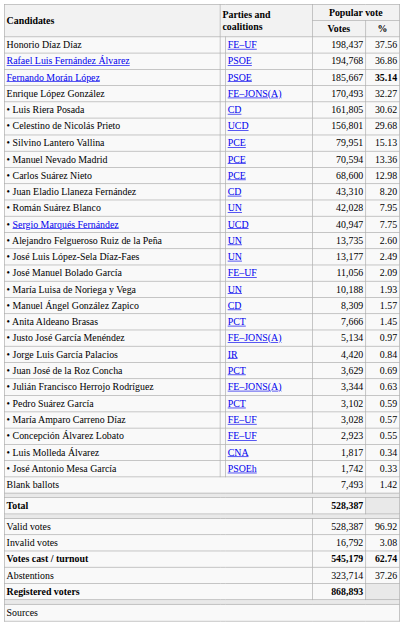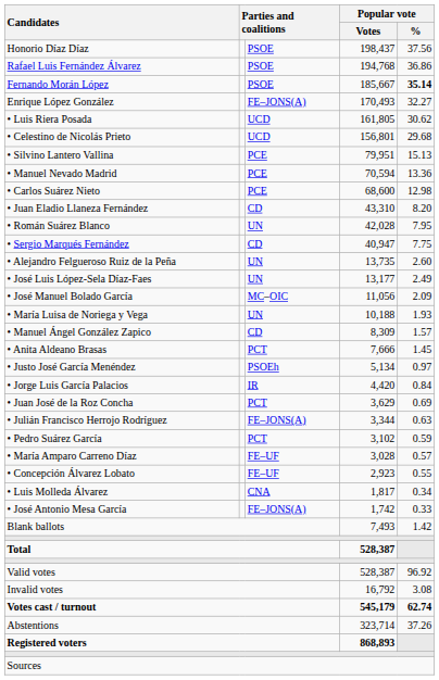 <table class="wikitable" style="text-align:right; font-size:95%;">
 <tr>
 <th style="text-align:left;" rowspan="2" width="325">Candidates</th>
 <th style="text-align:left;" rowspan="2" colspan="2" width="175">Parties and coalitions</th>
 <th colspan="2">Popular vote</th>
 </tr>
 <tr>
 <th width="75">Votes</th>
 <th width="45">%</th>
 </tr>
 <tr>
 <td align="left"> Honorio Díaz Díaz</td>
 <td width="1" style="color:inherit;background:"></td>
-<td align="left"><a href='#'>FE–UF</a></td>
+<td align="left"><a href='#'>PSOE</a></td>
 <td>198,437</td>
 <td>37.56</td>
 </tr>
 <tr>
 <td align="left"> <a href='#'>Rafael Luis Fernández Álvarez</a></td>
 <td style="color:inherit;background:"></td>
 <td align="left"><a href='#'>PSOE</a></td>
 <td>194,768</td>
 <td>36.86</td>
 </tr>
 <tr>
 <td align="left"> <a href='#'>Fernando Morán López</a></td>
 <td style="color:inherit;background:"></td>
 <td align="left"><a href='#'>PSOE</a></td>
 <td>185,667</td>
 <td><strong>35.14</strong></td>
 </tr>
 <tr>
 <td align="left"> Enrique López González</td>
 <td style="color:inherit;background:"></td>
 <td align="left"><a href='#'>FE–JONS(A)</a></td>
 <td>170,493</td>
 <td>32.27</td>
 </tr>
 <tr>
 <td align="left">• Luis Riera Posada</td>
 <td style="color:inherit;background:"></td>
-<td align="left"><a href='#'>CD</a></td>
+<td align="left"><a href='#'>UCD</a></td>
 <td>161,805</td>
 <td>30.62</td>
 </tr>
 <tr>
 <td align="left">• Celestino de Nicolás Prieto</td>
 <td style="color:inherit;background:"></td>
 <td align="left"><a href='#'>UCD</a></td>
 <td>156,801</td>
 <td>29.68</td>
 </tr>
 <tr>
 <td align="left">• Silvino Lantero Vallina</td>
 <td style="color:inherit;background:"></td>
 <td align="left"><a href='#'>PCE</a></td>
 <td>79,951</td>
 <td>15.13</td>
 </tr>
 <tr>
 <td align="left">• Manuel Nevado Madrid</td>
 <td style="color:inherit;background:"></td>
 <td align="left"><a href='#'>PCE</a></td>
 <td>70,594</td>
 <td>13.36</td>
 </tr>
 <tr>
 <td align="left">• Carlos Suárez Nieto</td>
 <td style="color:inherit;background:"></td>
 <td align="left"><a href='#'>PCE</a></td>
 <td>68,600</td>
 <td>12.98</td>
 </tr>
 <tr>
 <td align="left">• Juan Eladio Llaneza Fernández</td>
 <td style="color:inherit;background:"></td>
 <td align="left"><a href='#'>CD</a></td>
 <td>43,310</td>
 <td>8.20</td>
 </tr>
 <tr>
 <td align="left">• Román Suárez Blanco</td>
 <td style="color:inherit;background:"></td>
 <td align="left"><a href='#'>UN</a></td>
 <td>42,028</td>
 <td>7.95</td>
 </tr>
 <tr>
 <td align="left">• <a href='#'>Sergio Marqués Fernández</a></td>
 <td style="color:inherit;background:"></td>
-<td align="left"><a href='#'>UCD</a></td>
+<td align="left"><a href='#'>CD</a></td>
 <td>40,947</td>
 <td>7.75</td>
 </tr>
 <tr>
 <td align="left">• Alejandro Felgueroso Ruiz de la Peña</td>
 <td style="color:inherit;background:"></td>
 <td align="left"><a href='#'>UN</a></td>
 <td>13,735</td>
 <td>2.60</td>
 </tr>
 <tr>
 <td align="left">• José Luis López-Sela Díaz-Faes</td>
 <td style="color:inherit;background:"></td>
 <td align="left"><a href='#'>UN</a></td>
 <td>13,177</td>
 <td>2.49</td>
 </tr>
 <tr>
 <td align="left">• José Manuel Bolado García</td>
 <td style="color:inherit;background:"></td>
-<td align="left"><a href='#'>FE–UF</a></td>
+<td align="left"><a href='#'>MC</a>–<a href='#'>OIC</a></td>
 <td>11,056</td>
 <td>2.09</td>
 </tr>
 <tr>
 <td align="left">• María Luisa de Noriega y Vega</td>
 <td style="color:inherit;background:"></td>
 <td align="left"><a href='#'>UN</a></td>
 <td>10,188</td>
 <td>1.93</td>
 </tr>
 <tr>
 <td align="left">• Manuel Ángel González Zapico</td>
 <td style="color:inherit;background:"></td>
 <td align="left"><a href='#'>CD</a></td>
 <td>8,309</td>
 <td>1.57</td>
 </tr>
 <tr>
 <td align="left">• Anita Aldeano Brasas</td>
 <td style="color:inherit;background:"></td>
 <td align="left"><a href='#'>PCT</a></td>
 <td>7,666</td>
 <td>1.45</td>
 </tr>
 <tr>
 <td align="left">• Justo José García Menéndez</td>
 <td style="color:inherit;background:"></td>
-<td align="left"><a href='#'>FE–JONS(A)</a></td>
+<td align="left"><a href='#'>PSOEh</a></td>
 <td>5,134</td>
 <td>0.97</td>
 </tr>
 <tr>
 <td align="left">• Jorge Luis García Palacios</td>
 <td style="color:inherit;background:"></td>
 <td align="left"><a href='#'>IR</a></td>
 <td>4,420</td>
 <td>0.84</td>
 </tr>
 <tr>
 <td align="left">• Juan José de la Roz Concha</td>
 <td style="color:inherit;background:"></td>
 <td align="left"><a href='#'>PCT</a></td>
 <td>3,629</td>
 <td>0.69</td>
 </tr>
 <tr>
 <td align="left">• Julián Francisco Herrojo Rodríguez</td>
 <td style="color:inherit;background:"></td>
 <td align="left"><a href='#'>FE–JONS(A)</a></td>
 <td>3,344</td>
 <td>0.63</td>
 </tr>
 <tr>
 <td align="left">• Pedro Suárez García</td>
 <td style="color:inherit;background:"></td>
 <td align="left"><a href='#'>PCT</a></td>
 <td>3,102</td>
 <td>0.59</td>
 </tr>
 <tr>
 <td align="left">• María Amparo Carreno Díaz</td>
 <td style="color:inherit;background:"></td>
 <td align="left"><a href='#'>FE–UF</a></td>
 <td>3,028</td>
 <td>0.57</td>
 </tr>
 <tr>
 <td align="left">• Concepción Álvarez Lobato</td>
 <td style="color:inherit;background:"></td>
 <td align="left"><a href='#'>FE–UF</a></td>
 <td>2,923</td>
 <td>0.55</td>
 </tr>
 <tr>
 <td align="left">• Luis Molleda Álvarez</td>
 <td style="color:inherit;background:"></td>
 <td align="left"><a href='#'>CNA</a></td>
 <td>1,817</td>
 <td>0.34</td>
 </tr>
 <tr>
 <td align="left">• José Antonio Mesa García</td>
 <td style="color:inherit;background:"></td>
-<td align="left"><a href='#'>PSOEh</a></td>
+<td align="left"><a href='#'>FE–JONS(A)</a></td>
 <td>1,742</td>
 <td>0.33</td>
 </tr>
 <tr>
 <td align="left" colspan="3">Blank ballots</td>
 <td>7,493</td>
 <td>1.42</td>
 </tr>
 <tr>
 <td colspan="5" bgcolor="#E9E9E9"></td>
 </tr>
 <tr style="font-weight:bold;">
 <td align="left" colspan="3">Total</td>
 <td>528,387</td>
 <td bgcolor="#E9E9E9"></td>
 </tr>
 <tr>
 <td colspan="5" bgcolor="#E9E9E9"></td>
 </tr>
 <tr>
 <td align="left" colspan="3">Valid votes</td>
 <td>528,387</td>
 <td>96.92</td>
 </tr>
 <tr>
 <td align="left" colspan="3">Invalid votes</td>
 <td>16,792</td>
 <td>3.08</td>
 </tr>
 <tr style="font-weight:bold;">
 <td align="left" colspan="3">Votes cast / turnout</td>
 <td>545,179</td>
 <td>62.74</td>
 </tr>
 <tr>
 <td align="left" colspan="3">Abstentions</td>
 <td>323,714</td>
 <td>37.26</td>
 </tr>
 <tr style="font-weight:bold;">
 <td align="left" colspan="3">Registered voters</td>
 <td>868,893</td>
 <td bgcolor="#E9E9E9"></td>
 </tr>
 <tr>
 <td colspan="5" bgcolor="#E9E9E9"></td>
 </tr>
 <tr>
 <td align="left" colspan="5">Sources</td>
 </tr>
 </table>
